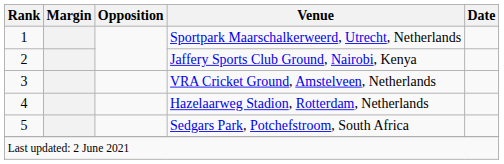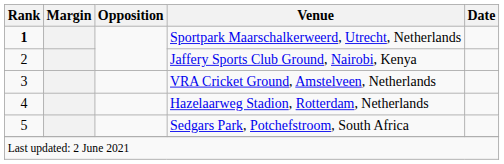 <table class="wikitable plainrowheaders sortable">
 <tr>
 <th scope=col>Rank</th>
 <th scope=col>Margin</th>
 <th scope=col>Opposition</th>
 <th scope=col>Venue</th>
 <th scope=col>Date</th>
 </tr>
 <tr>
-<td align=center>1</td>
+<td align=center><strong>1</strong></td>
 <th scope=row style=text-align:center;></th>
 <td rowspan=2></td>
 <td><a href='#'>Sportpark Maarschalkerweerd</a>, <a href='#'>Utrecht</a>, Netherlands</td>
 <td></td>
 </tr>
 <tr>
 <td align=center>2</td>
 <th scope=row style=text-align:center;></th>
 <td><a href='#'>Jaffery Sports Club Ground</a>, <a href='#'>Nairobi</a>, Kenya</td>
 <td></td>
 </tr>
 <tr>
 <td align=center>3</td>
 <th scope=row style=text-align:center;></th>
 <td></td>
 <td><a href='#'>VRA Cricket Ground</a>, <a href='#'>Amstelveen</a>, Netherlands</td>
 <td></td>
 </tr>
 <tr>
 <td align=center>4</td>
 <th scope=row style=text-align:center;></th>
 <td></td>
 <td><a href='#'>Hazelaarweg Stadion</a>, <a href='#'>Rotterdam</a>, Netherlands</td>
 <td></td>
 </tr>
 <tr>
 <td align=center>5</td>
 <th scope=row style=text-align:center;></th>
 <td></td>
 <td><a href='#'>Sedgars Park</a>, <a href='#'>Potchefstroom</a>, South Africa</td>
 <td></td>
 </tr>
 <tr>
 </tr>
 <tr class=sortbottom>
 <td colspan=5><small>Last updated: 2 June 2021</small></td>
 </tr>
 </table>
